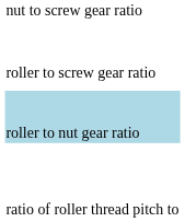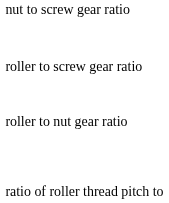 <table style="margin: 0.75em; height: 275px">
 <tr>
 <td rowspan="2"></td>
 <td rowspan="2" width = "20px"></td>
 <td valign="bottom">nut to screw gear ratio</td>
 </tr>
 <tr>
 <td valign="top"></td>
 </tr>
 <tr>
 <td rowspan="2"></td>
 <td rowspan="2"></td>
 <td valign="bottom">roller to screw gear ratio</td>
 </tr>
 <tr>
 <td valign="top"></td>
 </tr>
 <tr>
 <td rowspan="2"></td>
 <td rowspan="2"></td>
-<td valign="bottom" style="background: lightblue;">roller to nut gear ratio</td>
+<td valign="bottom">roller to nut gear ratio</td>
 </tr>
 <tr>
 <td valign="top"></td>
 </tr>
 <tr>
 <td rowspan="2"></td>
 <td rowspan="2"></td>
 <td valign="bottom"></td>
 </tr>
 <tr>
 <td valign="top"></td>
 </tr>
 <tr>
 <td rowspan="2"></td>
 <td rowspan="2"></td>
 <td valign="bottom">ratio of roller thread pitch to</td>
 </tr>
 <tr>
 <td valign="top"></td>
 </tr>
 </table>
